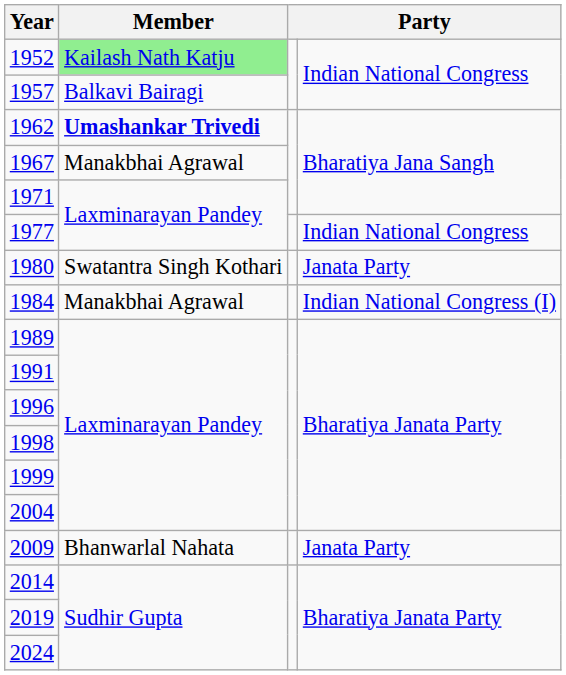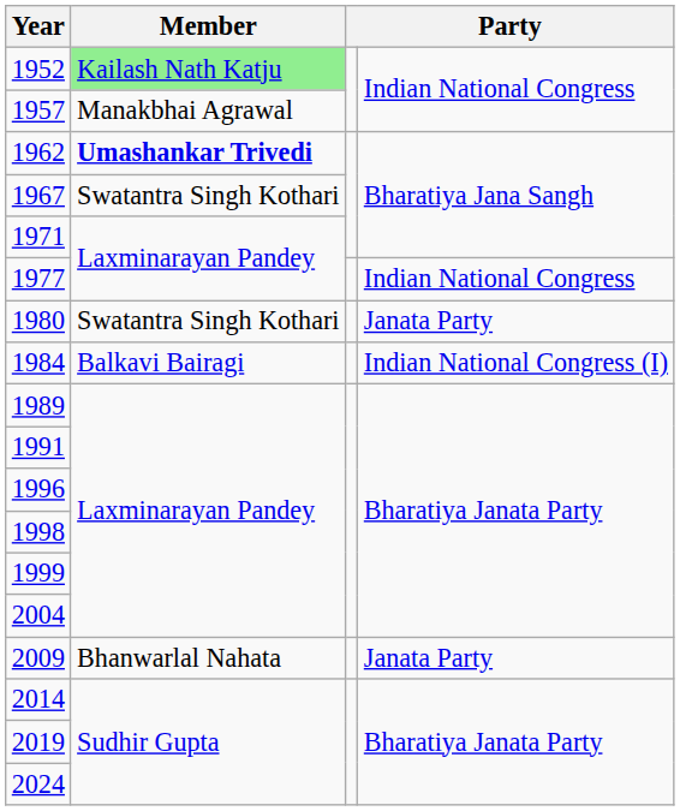 <table class="wikitable">
 <tr>
 <th>Year</th>
 <th>Member</th>
 <th colspan="2">Party</th>
 </tr>
 <tr>
 <td><a href='#'>1952</a></td>
 <td style="background: lightgreen;"><a href='#'>Kailash Nath Katju</a></td>
 <td rowspan="2" style="background-color: "></td>
 <td rowspan="2"><a href='#'>Indian National Congress</a></td>
 </tr>
 <tr>
 <td><a href='#'>1957</a></td>
-<td><a href='#'>Balkavi Bairagi</a></td>
+<td>Manakbhai Agrawal</td>
 </tr>
 <tr>
 <td><a href='#'>1962</a></td>
 <td><strong><a href='#'>Umashankar Trivedi</a></strong></td>
 <td rowspan="3" style="background-color: "></td>
 <td rowspan="3"><a href='#'>Bharatiya Jana Sangh</a></td>
 </tr>
 <tr>
 <td><a href='#'>1967</a></td>
-<td>Manakbhai Agrawal</td>
+<td>Swatantra Singh Kothari</td>
 </tr>
 <tr>
 <td><a href='#'>1971</a></td>
 <td rowspan="2"><a href='#'>Laxminarayan Pandey</a></td>
 </tr>
 <tr>
 <td><a href='#'>1977</a></td>
 <td style="background-color: "></td>
 <td><a href='#'>Indian National Congress</a></td>
 </tr>
 <tr>
 <td><a href='#'>1980</a></td>
 <td>Swatantra Singh Kothari</td>
 <td style="background-color: "></td>
 <td><a href='#'>Janata Party</a></td>
 </tr>
 <tr>
 <td><a href='#'>1984</a></td>
-<td>Manakbhai Agrawal</td>
+<td><a href='#'>Balkavi Bairagi</a></td>
 <td style="background-color: "></td>
 <td><a href='#'>Indian National Congress (I)</a></td>
 </tr>
 <tr>
 <td><a href='#'>1989</a></td>
 <td rowspan="6"><a href='#'>Laxminarayan Pandey</a></td>
 <td rowspan="6" style="background-color: "></td>
 <td rowspan="6"><a href='#'>Bharatiya Janata Party</a></td>
 </tr>
 <tr>
 <td><a href='#'>1991</a></td>
 </tr>
 <tr>
 <td><a href='#'>1996</a></td>
 </tr>
 <tr>
 <td><a href='#'>1998</a></td>
 </tr>
 <tr>
 <td><a href='#'>1999</a></td>
 </tr>
 <tr>
 <td><a href='#'>2004</a></td>
 </tr>
 <tr>
 <td><a href='#'>2009</a></td>
 <td>Bhanwarlal Nahata</td>
 <td style="background-color: "></td>
 <td><a href='#'>Janata Party</a></td>
 </tr>
 <tr>
 <td><a href='#'>2014</a></td>
 <td rowspan="3"><a href='#'>Sudhir Gupta</a></td>
 <td rowspan="3" style="background-color: "></td>
 <td rowspan="3"><a href='#'>Bharatiya Janata Party</a></td>
 </tr>
 <tr>
 <td><a href='#'>2019</a></td>
 </tr>
 <tr>
 <td><a href='#'>2024</a></td>
 </tr>
 </table>
